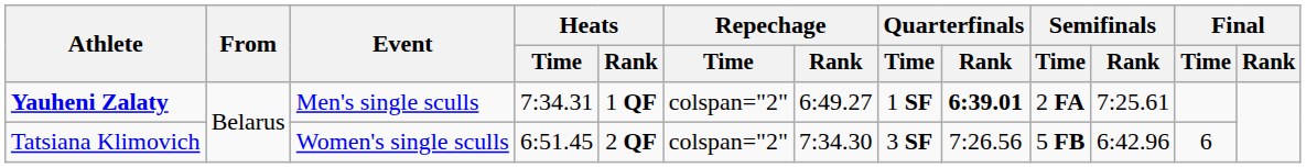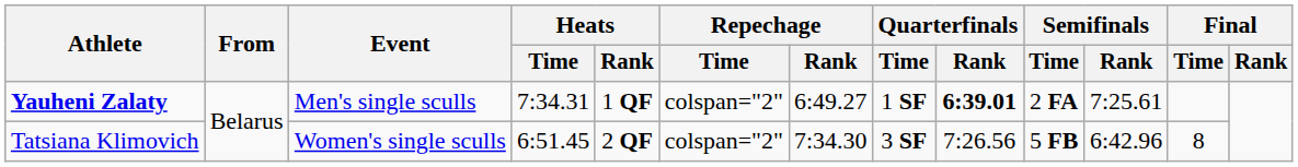 <table class=wikitable style=font-size:90%;text-align:center>
 <tr>
 <th rowspan=2>Athlete</th>
 <th rowspan=2>From</th>
 <th rowspan=2>Event</th>
 <th colspan=2>Heats</th>
 <th colspan=2>Repechage</th>
 <th colspan=2>Quarterfinals</th>
 <th colspan=2>Semifinals</th>
 <th colspan=2>Final</th>
 </tr>
 <tr style=font-size:95%>
 <th>Time</th>
 <th>Rank</th>
 <th>Time</th>
 <th>Rank</th>
 <th>Time</th>
 <th>Rank</th>
 <th>Time</th>
 <th>Rank</th>
 <th>Time</th>
 <th>Rank</th>
 </tr>
 <tr>
 <td align=left><strong><a href='#'>Yauheni Zalaty</a></strong></td>
 <td align=left rowspan=2>Belarus</td>
 <td align=left><a href='#'>Men's single sculls</a></td>
 <td>7:34.31</td>
 <td>1 <strong>QF</strong></td>
 <td>colspan="2" </td>
 <td>6:49.27</td>
 <td>1 <strong>SF</strong></td>
 <td><strong>6:39.01</strong></td>
 <td>2 <strong>FA</strong></td>
 <td>7:25.61</td>
 <td></td>
 </tr>
 <tr>
 <td align=left><a href='#'>Tatsiana Klimovich</a></td>
 <td align=left><a href='#'>Women's single sculls</a></td>
 <td>6:51.45</td>
 <td>2 <strong>QF</strong></td>
 <td>colspan="2" </td>
 <td>7:34.30</td>
 <td>3 <strong>SF</strong></td>
 <td>7:26.56</td>
 <td>5 <strong>FB</strong></td>
 <td>6:42.96</td>
-<td>6</td>
+<td>8</td>
 </tr>
 </table>
